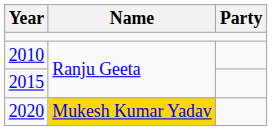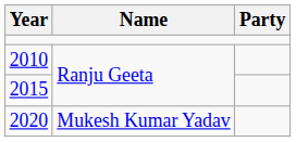 <table class="wikitable sortable">
 <tr>
 <th>Year</th>
 <th>Name</th>
 <th colspan="2">Party</th>
 </tr>
 <tr>
 <td colspan="4"></td>
 </tr>
 <tr>
 <td><a href='#'>2010</a></td>
 <td rowspan="2"><a href='#'>Ranju Geeta</a></td>
 <td></td>
 </tr>
 <tr>
 <td><a href='#'>2015</a></td>
 </tr>
 <tr>
 <td><a href='#'>2020</a></td>
-<td style="background: gold;"><a href='#'>Mukesh Kumar Yadav</a></td>
+<td><a href='#'>Mukesh Kumar Yadav</a></td>
 <td></td>
 </tr>
 </table>
